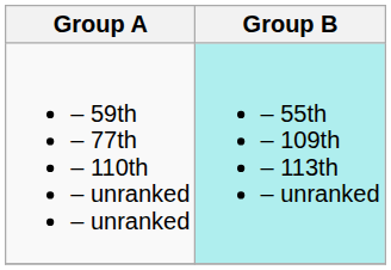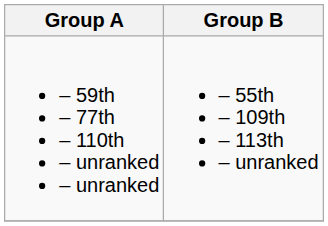 <table class="wikitable">
 <tr>
 <th width=50%>Group A</th>
 <th width=50%>Group B</th>
 </tr>
 <tr style="vertical-align: top;">
 <td><br><ul><li> – 59th</li><li> – 77th</li><li> – 110th</li><li> – unranked</li><li> – unranked</li></ul></td>
-<td style="background: paleturquoise;"><br><ul><li> – 55th</li><li> – 109th</li><li> – 113th</li><li> – unranked</li></ul></td>
+<td><br><ul><li> – 55th</li><li> – 109th</li><li> – 113th</li><li> – unranked</li></ul></td>
 </tr>
 <tr>
 </tr>
 </table>
